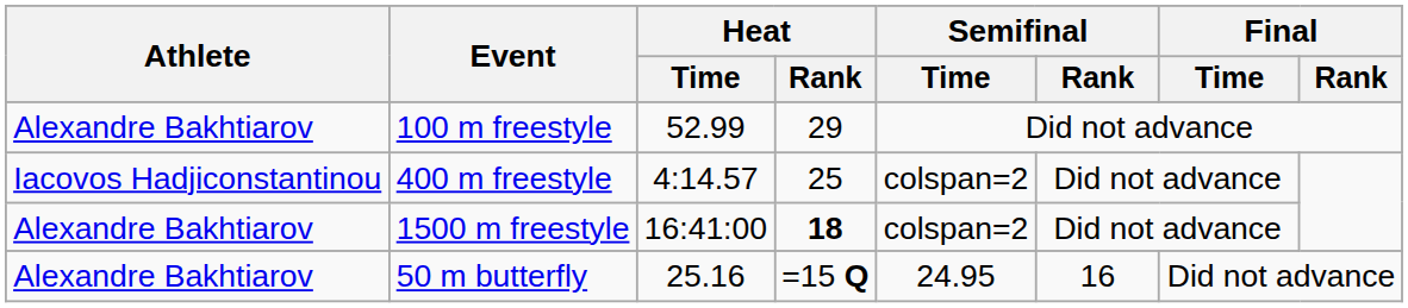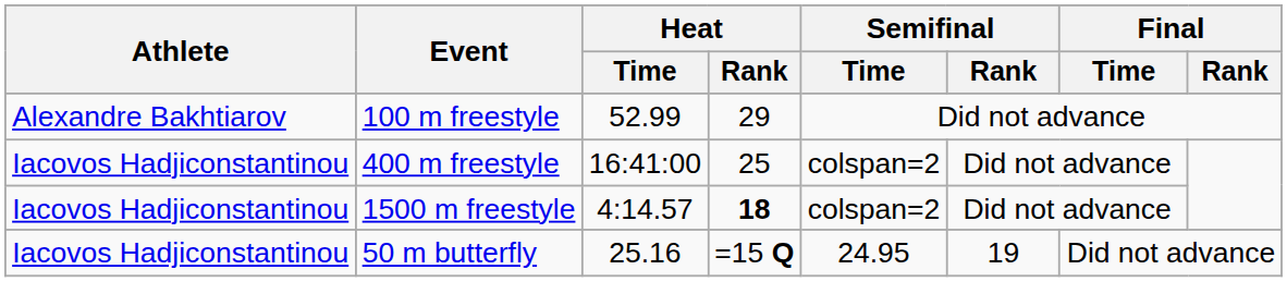 <table class=wikitable style=font-size:90%>
 <tr>
 <th rowspan=2>Athlete</th>
 <th rowspan=2>Event</th>
 <th colspan=2>Heat</th>
 <th colspan=2>Semifinal</th>
 <th colspan=2>Final</th>
 </tr>
 <tr style=font-size:95%>
 <th>Time</th>
 <th>Rank</th>
 <th>Time</th>
 <th>Rank</th>
 <th>Time</th>
 <th>Rank</th>
 </tr>
 <tr align=center>
 <td align=left><a href='#'>Alexandre Bakhtiarov</a></td>
 <td align=left><a href='#'>100 m freestyle</a></td>
 <td>52.99</td>
 <td>29</td>
 <td colspan=4>Did not advance</td>
 </tr>
 <tr align=center>
 <td align=left><a href='#'>Iacovos Hadjiconstantinou</a></td>
 <td align=left><a href='#'>400 m freestyle</a></td>
-<td>4:14.57</td>
+<td>16:41:00</td>
 <td>25</td>
 <td>colspan=2 </td>
 <td colspan=2>Did not advance</td>
 </tr>
 <tr align=center>
-<td align=left><a href='#'>Alexandre Bakhtiarov</a></td>
+<td align=left><a href='#'>Iacovos Hadjiconstantinou</a></td>
 <td align=left><a href='#'>1500 m freestyle</a></td>
-<td>16:41:00</td>
+<td>4:14.57</td>
 <td><strong>18</strong></td>
 <td>colspan=2 </td>
 <td colspan=2>Did not advance</td>
 </tr>
 <tr align=center>
-<td align=left><a href='#'>Alexandre Bakhtiarov</a></td>
+<td align=left><a href='#'>Iacovos Hadjiconstantinou</a></td>
 <td align=left><a href='#'>50 m butterfly</a></td>
 <td>25.16</td>
 <td>=15 <strong>Q</strong></td>
 <td>24.95</td>
-<td>16</td>
+<td>19</td>
 <td colspan=2>Did not advance</td>
 </tr>
 </table>
